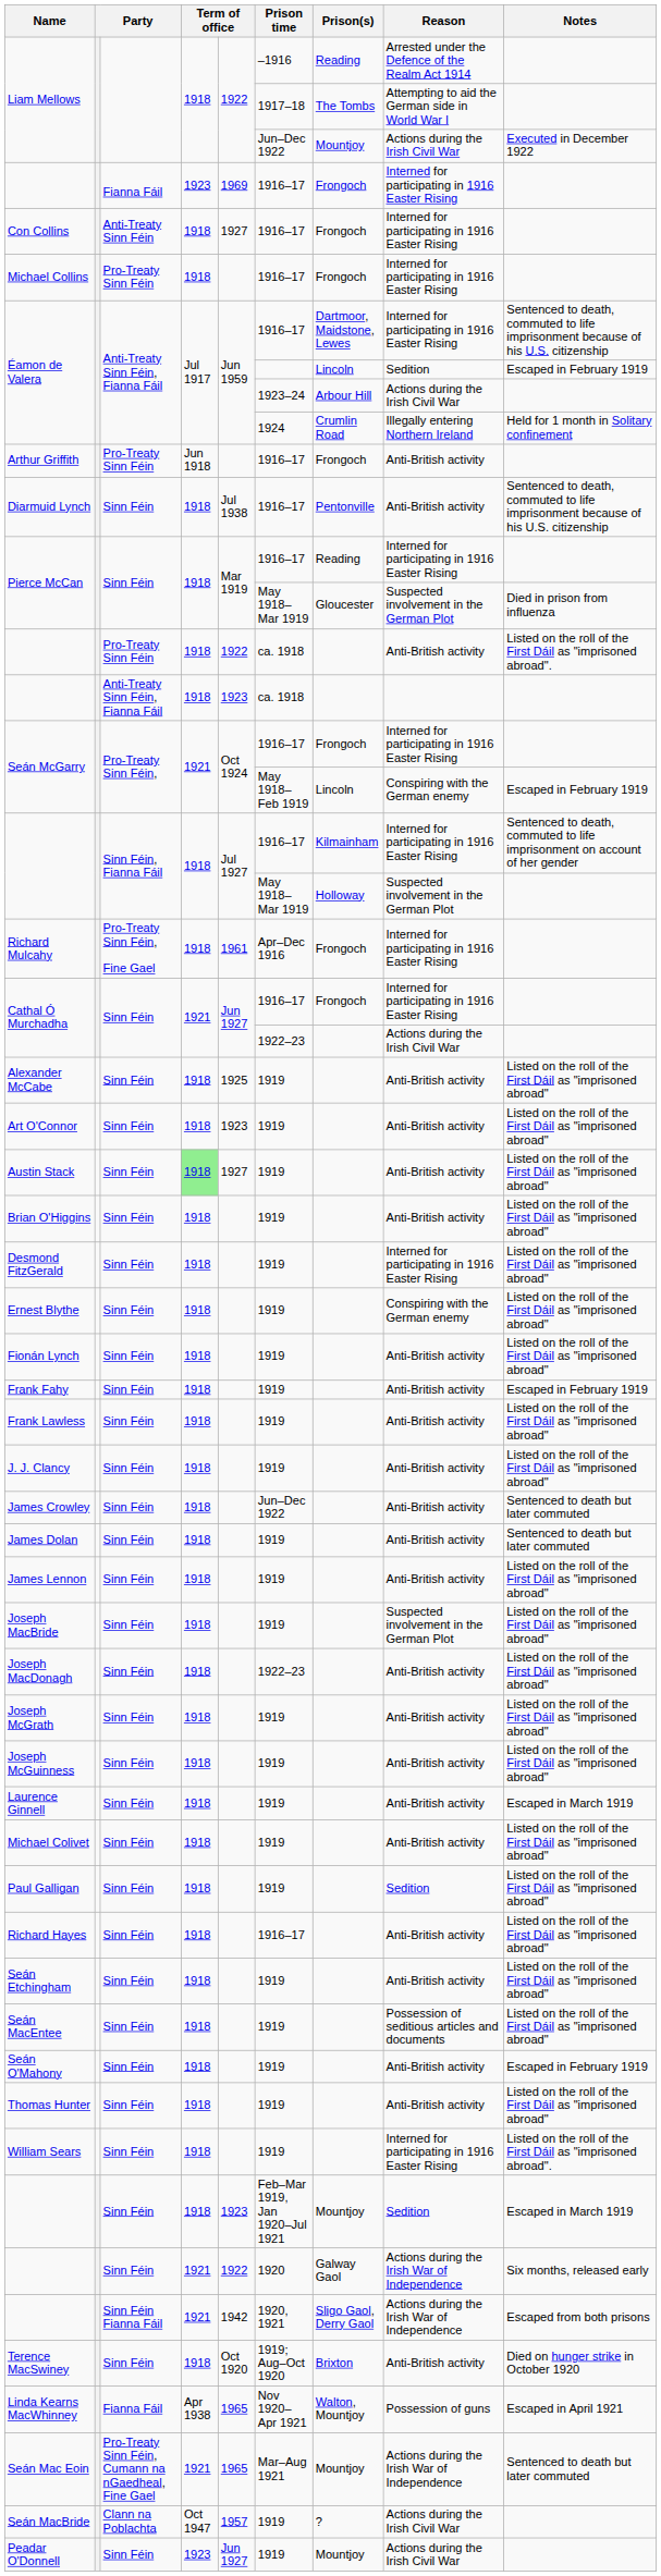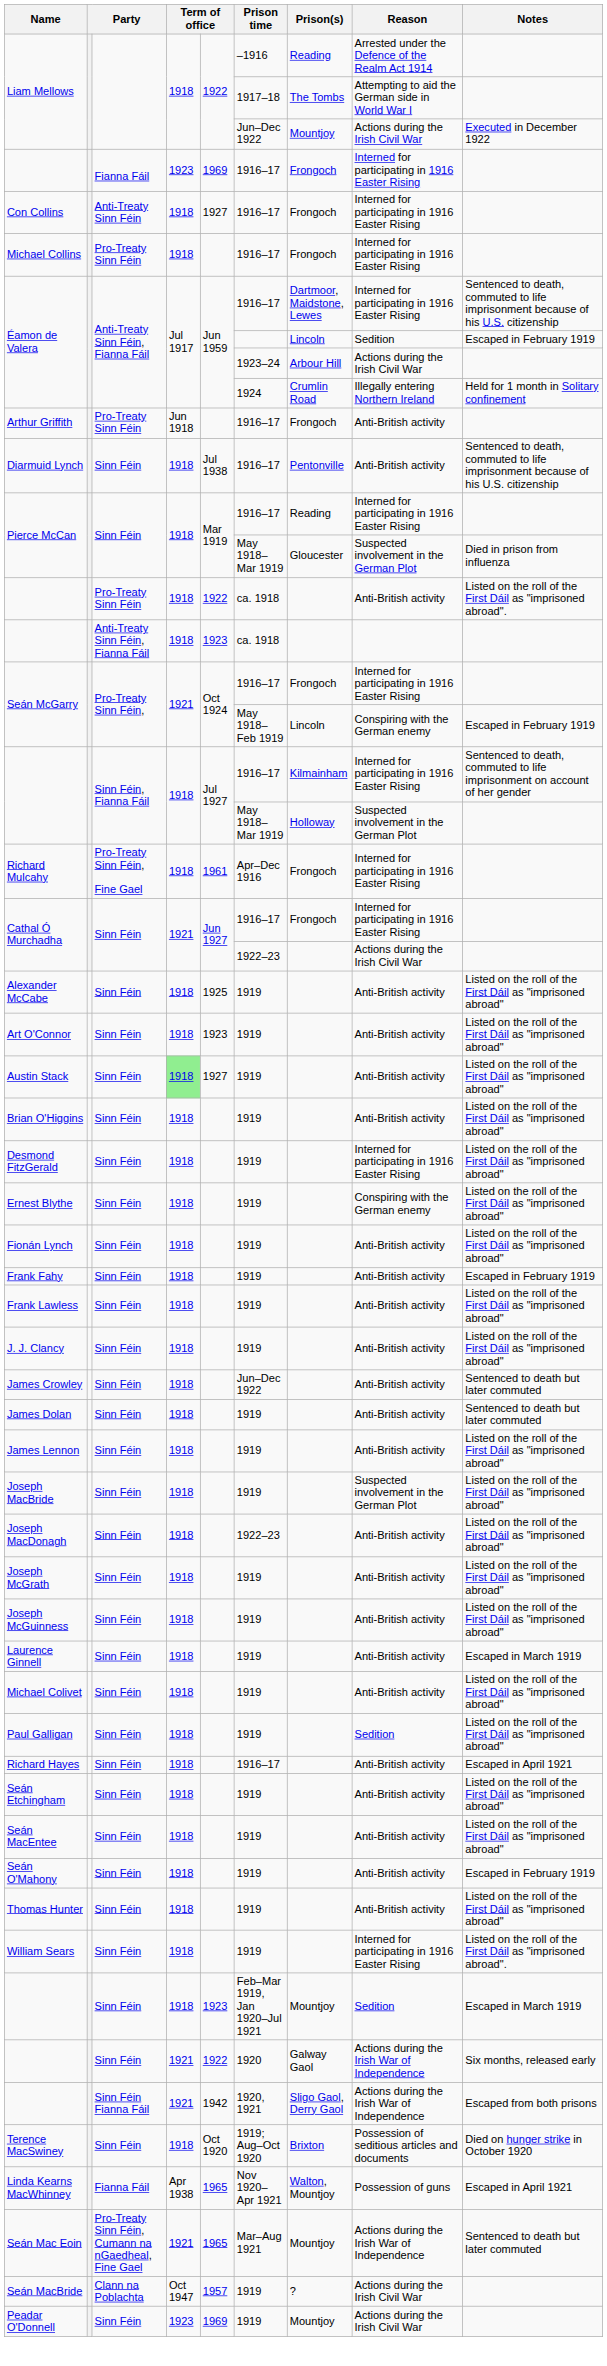 <table class="wikitable">
 <tr>
 <th>Name</th>
 <th colspan=2>Party</th>
 <th colspan=2>Term of office</th>
 <th>Prison time</th>
 <th>Prison(s)</th>
 <th>Reason</th>
 <th>Notes</th>
 </tr>
 <tr>
 <td rowspan=3><a href='#'>Liam Mellows</a></td>
 <th rowspan=3 style="background-color: "></th>
 <td rowspan=3></td>
 <td rowspan=3><a href='#'>1918</a></td>
 <td rowspan=3><a href='#'>1922</a></td>
 <td>–1916</td>
 <td><a href='#'>Reading</a></td>
 <td>Arrested under the <a href='#'>Defence of the Realm Act 1914</a></td>
 <td></td>
 </tr>
 <tr>
 <td>1917–18</td>
 <td><a href='#'>The Tombs</a></td>
 <td>Attempting to aid the German side in <a href='#'>World War I</a></td>
 <td></td>
 </tr>
 <tr>
 <td>Jun–Dec 1922</td>
 <td><a href='#'>Mountjoy</a></td>
 <td>Actions during the <a href='#'>Irish Civil War</a></td>
 <td><a href='#'>Executed</a> in December 1922</td>
 </tr>
 <tr>
 <td></td>
 <th style="background-color: "></th>
 <td><br><a href='#'>Fianna Fáil</a></td>
 <td><a href='#'>1923</a></td>
 <td><a href='#'>1969</a></td>
 <td>1916–17</td>
 <td><a href='#'>Frongoch</a></td>
 <td><a href='#'>Interned</a> for participating in <a href='#'>1916 Easter Rising</a></td>
 <td></td>
 </tr>
 <tr>
 <td><a href='#'>Con Collins</a></td>
 <th style="background-color: "></th>
 <td><a href='#'>Anti-Treaty Sinn Féin</a></td>
 <td><a href='#'>1918</a></td>
 <td>1927</td>
 <td>1916–17</td>
 <td>Frongoch</td>
 <td>Interned for participating in 1916 Easter Rising</td>
 <td></td>
 </tr>
 <tr>
 <td><a href='#'>Michael Collins</a></td>
 <th style="background-color: "></th>
 <td><a href='#'>Pro-Treaty Sinn Féin</a></td>
 <td><a href='#'>1918</a></td>
 <td></td>
 <td>1916–17</td>
 <td>Frongoch</td>
 <td>Interned for participating in 1916 Easter Rising</td>
 <td></td>
 </tr>
 <tr>
 <td rowspan=4><a href='#'>Éamon de Valera</a></td>
 <th rowspan=4 style="background-color: "></th>
 <td rowspan=4><a href='#'>Anti-Treaty Sinn Féin</a>,<br><a href='#'>Fianna Fáil</a></td>
 <td rowspan=4>Jul 1917</td>
 <td rowspan=4>Jun 1959</td>
 <td>1916–17</td>
 <td><a href='#'>Dartmoor</a>,<br><a href='#'>Maidstone</a>,<br><a href='#'>Lewes</a></td>
 <td>Interned for participating in 1916 Easter Rising</td>
 <td>Sentenced to death, commuted to life imprisonment because of his <a href='#'>U.S.</a> citizenship</td>
 </tr>
 <tr>
 <td></td>
 <td><a href='#'>Lincoln</a></td>
 <td>Sedition</td>
 <td>Escaped in February 1919</td>
 </tr>
 <tr>
 <td>1923–24</td>
 <td><a href='#'>Arbour Hill</a></td>
 <td>Actions during the Irish Civil War</td>
 <td></td>
 </tr>
 <tr>
 <td>1924</td>
 <td><a href='#'>Crumlin Road</a></td>
 <td>Illegally entering <a href='#'>Northern Ireland</a></td>
 <td>Held for 1 month in <a href='#'>Solitary confinement</a></td>
 </tr>
 <tr>
 <td><a href='#'>Arthur Griffith</a></td>
 <th style="background-color: "></th>
 <td><a href='#'>Pro-Treaty Sinn Féin</a></td>
 <td>Jun 1918</td>
 <td></td>
 <td>1916–17</td>
 <td>Frongoch</td>
 <td>Anti-British activity</td>
 <td></td>
 </tr>
 <tr>
 <td><a href='#'>Diarmuid Lynch</a></td>
 <th style="background-color: "></th>
 <td><a href='#'>Sinn Féin</a></td>
 <td><a href='#'>1918</a></td>
 <td>Jul 1938</td>
 <td>1916–17</td>
 <td><a href='#'>Pentonville</a></td>
 <td>Anti-British activity</td>
 <td>Sentenced to death, commuted to life imprisonment because of his U.S. citizenship</td>
 </tr>
 <tr>
 <td rowspan=2><a href='#'>Pierce McCan</a></td>
 <th rowspan=2 style="background-color: "></th>
 <td rowspan=2><a href='#'>Sinn Féin</a></td>
 <td rowspan=2><a href='#'>1918</a></td>
 <td rowspan=2>Mar 1919</td>
 <td>1916–17</td>
 <td>Reading</td>
 <td>Interned for participating in 1916 Easter Rising</td>
 <td></td>
 </tr>
 <tr>
 <td>May 1918–Mar 1919</td>
 <td>Gloucester</td>
 <td>Suspected involvement in the <a href='#'>German Plot</a></td>
 <td>Died in prison from influenza</td>
 </tr>
 <tr>
 <td></td>
 <th style="background-color: "></th>
 <td><a href='#'>Pro-Treaty Sinn Féin</a></td>
 <td><a href='#'>1918</a></td>
 <td><a href='#'>1922</a></td>
 <td>ca. 1918</td>
 <td></td>
 <td>Anti-British activity</td>
 <td>Listed on the roll of the <a href='#'>First Dáil</a> as "imprisoned abroad".</td>
 </tr>
 <tr>
 <td></td>
 <th style="background-color: "></th>
 <td><a href='#'>Anti-Treaty Sinn Féin</a>,<br><a href='#'>Fianna Fáil</a></td>
 <td><a href='#'>1918</a></td>
 <td><a href='#'>1923</a></td>
 <td>ca. 1918</td>
 <td></td>
 <td></td>
 <td></td>
 </tr>
 <tr>
 <td rowspan=2><a href='#'>Seán McGarry</a></td>
 <th rowspan=2 style="background-color: "></th>
 <td rowspan=2><a href='#'>Pro-Treaty Sinn Féin</a>,<br></td>
 <td rowspan=2><a href='#'>1921</a></td>
 <td rowspan=2>Oct 1924</td>
 <td>1916–17</td>
 <td>Frongoch</td>
 <td>Interned for participating in 1916 Easter Rising</td>
 <td></td>
 </tr>
 <tr>
 <td>May 1918–Feb 1919</td>
 <td>Lincoln</td>
 <td>Conspiring with the German enemy</td>
 <td>Escaped in February 1919</td>
 </tr>
 <tr>
 <td rowspan=2></td>
 <th rowspan=2 style="background-color: "></th>
 <td rowspan=2><a href='#'>Sinn Féin</a>,<br><a href='#'>Fianna Fáil</a></td>
 <td rowspan=2><a href='#'>1918</a></td>
 <td rowspan=2>Jul 1927</td>
 <td>1916–17</td>
 <td><a href='#'>Kilmainham</a></td>
 <td>Interned for participating in 1916 Easter Rising</td>
 <td>Sentenced to death, commuted to life imprisonment on account of her gender</td>
 </tr>
 <tr>
 <td>May 1918–Mar 1919</td>
 <td><a href='#'>Holloway</a></td>
 <td>Suspected involvement in the German Plot</td>
 <td></td>
 </tr>
 <tr>
 <td><a href='#'>Richard Mulcahy</a></td>
 <th style="background-color: "></th>
 <td><a href='#'>Pro-Treaty Sinn Féin</a>,<br><br><a href='#'>Fine Gael</a></td>
 <td><a href='#'>1918</a></td>
 <td><a href='#'>1961</a></td>
 <td>Apr–Dec 1916</td>
 <td>Frongoch</td>
 <td>Interned for participating in 1916 Easter Rising</td>
 <td></td>
 </tr>
 <tr>
 <td rowspan=2><a href='#'>Cathal Ó Murchadha</a></td>
 <th rowspan=2 style="background-color: "></th>
 <td rowspan=2><a href='#'>Sinn Féin</a></td>
 <td rowspan=2><a href='#'>1921</a></td>
 <td rowspan=2><a href='#'>Jun 1927</a></td>
 <td>1916–17</td>
 <td>Frongoch</td>
 <td>Interned for participating in 1916 Easter Rising</td>
 <td></td>
 </tr>
 <tr>
 <td>1922–23</td>
 <td></td>
 <td>Actions during the Irish Civil War</td>
 <td></td>
 </tr>
 <tr>
 <td><a href='#'>Alexander McCabe</a></td>
 <td style="background-color: "></td>
 <td><a href='#'>Sinn Féin</a></td>
 <td><a href='#'>1918</a></td>
 <td>1925</td>
 <td>1919</td>
 <td></td>
 <td>Anti-British activity</td>
 <td>Listed on the roll of the <a href='#'>First Dáil</a> as "imprisoned abroad"</td>
 </tr>
 <tr>
 <td><a href='#'>Art O'Connor</a></td>
 <td style="background-color: "></td>
 <td><a href='#'>Sinn Féin</a></td>
 <td><a href='#'>1918</a></td>
 <td>1923</td>
 <td>1919</td>
 <td></td>
 <td>Anti-British activity</td>
 <td>Listed on the roll of the <a href='#'>First Dáil</a> as "imprisoned abroad"</td>
 </tr>
 <tr>
 <td><a href='#'>Austin Stack</a></td>
 <td style="background-color: "></td>
 <td><a href='#'>Sinn Féin</a></td>
 <td style="background: lightgreen;"><a href='#'>1918</a></td>
 <td>1927</td>
 <td>1919</td>
 <td></td>
 <td>Anti-British activity</td>
 <td>Listed on the roll of the <a href='#'>First Dáil</a> as "imprisoned abroad"</td>
 </tr>
 <tr>
 <td><a href='#'>Brian O'Higgins</a></td>
 <td style="background-color: "></td>
 <td><a href='#'>Sinn Féin</a></td>
 <td><a href='#'>1918</a></td>
 <td></td>
 <td>1919</td>
 <td></td>
 <td>Anti-British activity</td>
 <td>Listed on the roll of the <a href='#'>First Dáil</a> as "imprisoned abroad"</td>
 </tr>
 <tr>
 <td><a href='#'>Desmond FitzGerald</a></td>
 <td style="background-color: "></td>
 <td><a href='#'>Sinn Féin</a></td>
 <td><a href='#'>1918</a></td>
 <td></td>
 <td>1919</td>
 <td></td>
 <td>Interned for participating in 1916 Easter Rising</td>
 <td>Listed on the roll of the <a href='#'>First Dáil</a> as "imprisoned abroad"</td>
 </tr>
 <tr>
 <td><a href='#'>Ernest Blythe</a></td>
 <td style="background-color: "></td>
 <td><a href='#'>Sinn Féin</a></td>
 <td><a href='#'>1918</a></td>
 <td></td>
 <td>1919</td>
 <td></td>
 <td>Conspiring with the German enemy</td>
 <td>Listed on the roll of the <a href='#'>First Dáil</a> as "imprisoned abroad"</td>
 </tr>
 <tr>
 <td><a href='#'>Fionán Lynch</a></td>
 <td style="background-color: "></td>
 <td><a href='#'>Sinn Féin</a></td>
 <td><a href='#'>1918</a></td>
 <td></td>
 <td>1919</td>
 <td></td>
 <td>Anti-British activity</td>
 <td>Listed on the roll of the <a href='#'>First Dáil</a> as "imprisoned abroad"</td>
 </tr>
 <tr>
 <td><a href='#'>Frank Fahy</a></td>
 <td style="background-color: "></td>
 <td><a href='#'>Sinn Féin</a></td>
 <td><a href='#'>1918</a></td>
 <td></td>
 <td>1919</td>
 <td></td>
 <td>Anti-British activity</td>
 <td>Escaped in February 1919</td>
 </tr>
 <tr>
 <td><a href='#'>Frank Lawless</a></td>
 <td style="background-color: "></td>
 <td><a href='#'>Sinn Féin</a></td>
 <td><a href='#'>1918</a></td>
 <td></td>
 <td>1919</td>
 <td></td>
 <td>Anti-British activity</td>
 <td>Listed on the roll of the <a href='#'>First Dáil</a> as "imprisoned abroad"</td>
 </tr>
 <tr>
 <td><a href='#'>J. J. Clancy</a></td>
 <td style="background-color: "></td>
 <td><a href='#'>Sinn Féin</a></td>
 <td><a href='#'>1918</a></td>
 <td></td>
 <td>1919</td>
 <td></td>
 <td>Anti-British activity</td>
 <td>Listed on the roll of the <a href='#'>First Dáil</a> as "imprisoned abroad"</td>
 </tr>
 <tr>
 <td><a href='#'>James Crowley</a></td>
 <td style="background-color: "></td>
 <td><a href='#'>Sinn Féin</a></td>
 <td><a href='#'>1918</a></td>
 <td></td>
 <td>Jun–Dec 1922</td>
 <td></td>
 <td>Anti-British activity</td>
 <td>Sentenced to death but later commuted</td>
 </tr>
 <tr>
 <td><a href='#'>James Dolan</a></td>
 <td style="background-color: "></td>
 <td><a href='#'>Sinn Féin</a></td>
 <td><a href='#'>1918</a></td>
 <td></td>
 <td>1919</td>
 <td></td>
 <td>Anti-British activity</td>
 <td>Sentenced to death but later commuted</td>
 </tr>
 <tr>
 <td><a href='#'>James Lennon</a></td>
 <td style="background-color: "></td>
 <td><a href='#'>Sinn Féin</a></td>
 <td><a href='#'>1918</a></td>
 <td></td>
 <td>1919</td>
 <td></td>
 <td>Anti-British activity</td>
 <td>Listed on the roll of the <a href='#'>First Dáil</a> as "imprisoned abroad"</td>
 </tr>
 <tr>
 <td><a href='#'>Joseph MacBride</a></td>
 <td style="background-color: "></td>
 <td><a href='#'>Sinn Féin</a></td>
 <td><a href='#'>1918</a></td>
 <td></td>
 <td>1919</td>
 <td></td>
 <td>Suspected involvement in the German Plot</td>
 <td>Listed on the roll of the <a href='#'>First Dáil</a> as "imprisoned abroad"</td>
 </tr>
 <tr>
 <td><a href='#'>Joseph MacDonagh</a></td>
 <td style="background-color: "></td>
 <td><a href='#'>Sinn Féin</a></td>
 <td><a href='#'>1918</a></td>
 <td></td>
 <td>1922–23</td>
 <td></td>
 <td>Anti-British activity</td>
 <td>Listed on the roll of the <a href='#'>First Dáil</a> as "imprisoned abroad"</td>
 </tr>
 <tr>
 <td><a href='#'>Joseph McGrath</a></td>
 <td style="background-color: "></td>
 <td><a href='#'>Sinn Féin</a></td>
 <td><a href='#'>1918</a></td>
 <td></td>
 <td>1919</td>
 <td></td>
 <td>Anti-British activity</td>
 <td>Listed on the roll of the <a href='#'>First Dáil</a> as "imprisoned abroad"</td>
 </tr>
 <tr>
 <td><a href='#'>Joseph McGuinness</a></td>
 <td style="background-color: "></td>
 <td><a href='#'>Sinn Féin</a></td>
 <td><a href='#'>1918</a></td>
 <td></td>
 <td>1919</td>
 <td></td>
 <td>Anti-British activity</td>
 <td>Listed on the roll of the <a href='#'>First Dáil</a> as "imprisoned abroad"</td>
 </tr>
 <tr>
 <td><a href='#'>Laurence Ginnell</a></td>
 <td style="background-color: "></td>
 <td><a href='#'>Sinn Féin</a></td>
 <td><a href='#'>1918</a></td>
 <td></td>
 <td>1919</td>
 <td></td>
 <td>Anti-British activity</td>
 <td>Escaped in March 1919</td>
 </tr>
 <tr>
 <td><a href='#'>Michael Colivet</a></td>
 <td style="background-color: "></td>
 <td><a href='#'>Sinn Féin</a></td>
 <td><a href='#'>1918</a></td>
 <td></td>
 <td>1919</td>
 <td></td>
 <td>Anti-British activity</td>
 <td>Listed on the roll of the <a href='#'>First Dáil</a> as "imprisoned abroad"</td>
 </tr>
 <tr>
 <td><a href='#'>Paul Galligan</a></td>
 <td style="background-color: "></td>
 <td><a href='#'>Sinn Féin</a></td>
 <td><a href='#'>1918</a></td>
 <td></td>
 <td>1919</td>
 <td></td>
 <td><a href='#'>Sedition</a></td>
 <td>Listed on the roll of the <a href='#'>First Dáil</a> as "imprisoned abroad"</td>
 </tr>
 <tr>
 <td><a href='#'>Richard Hayes</a></td>
 <td style="background-color: "></td>
 <td><a href='#'>Sinn Féin</a></td>
 <td><a href='#'>1918</a></td>
 <td></td>
 <td>1916–17</td>
 <td></td>
 <td>Anti-British activity</td>
-<td>Listed on the roll of the <a href='#'>First Dáil</a> as "imprisoned abroad"</td>
+<td>Escaped in April 1921</td>
 </tr>
 <tr>
 <td><a href='#'>Seán Etchingham</a></td>
 <td style="background-color: "></td>
 <td><a href='#'>Sinn Féin</a></td>
 <td><a href='#'>1918</a></td>
 <td></td>
 <td>1919</td>
 <td></td>
 <td>Anti-British activity</td>
 <td>Listed on the roll of the <a href='#'>First Dáil</a> as "imprisoned abroad"</td>
 </tr>
 <tr>
 <td><a href='#'>Seán MacEntee</a></td>
 <td style="background-color: "></td>
 <td><a href='#'>Sinn Féin</a></td>
 <td><a href='#'>1918</a></td>
 <td></td>
 <td>1919</td>
 <td></td>
-<td>Possession of seditious articles and documents</td>
+<td>Anti-British activity</td>
 <td>Listed on the roll of the <a href='#'>First Dáil</a> as "imprisoned abroad"</td>
 </tr>
 <tr>
 <td><a href='#'>Seán O'Mahony</a></td>
 <td style="background-color: "></td>
 <td><a href='#'>Sinn Féin</a></td>
 <td><a href='#'>1918</a></td>
 <td></td>
 <td>1919</td>
 <td></td>
 <td>Anti-British activity</td>
 <td>Escaped in February 1919</td>
 </tr>
 <tr>
 <td><a href='#'>Thomas Hunter</a></td>
 <td style="background-color: "></td>
 <td><a href='#'>Sinn Féin</a></td>
 <td><a href='#'>1918</a></td>
 <td></td>
 <td>1919</td>
 <td></td>
 <td>Anti-British activity</td>
 <td>Listed on the roll of the <a href='#'>First Dáil</a> as "imprisoned abroad"</td>
 </tr>
 <tr>
 <td><a href='#'>William Sears</a></td>
 <td style="background-color: "></td>
 <td><a href='#'>Sinn Féin</a></td>
 <td><a href='#'>1918</a></td>
 <td></td>
 <td>1919</td>
 <td></td>
 <td>Interned for participating in 1916 Easter Rising</td>
 <td>Listed on the roll of the <a href='#'>First Dáil</a> as "imprisoned abroad".</td>
 </tr>
 <tr>
 <td></td>
 <th style="background-color: "></th>
 <td><a href='#'>Sinn Féin</a></td>
 <td><a href='#'>1918</a></td>
 <td><a href='#'>1923</a></td>
 <td>Feb–Mar 1919,<br>Jan 1920–Jul 1921</td>
 <td>Mountjoy</td>
 <td><a href='#'>Sedition</a></td>
 <td>Escaped in March 1919</td>
 </tr>
 <tr>
 <td></td>
 <th style="background-color: "></th>
 <td><a href='#'>Sinn Féin</a></td>
 <td><a href='#'>1921</a></td>
 <td><a href='#'>1922</a></td>
 <td>1920</td>
 <td>Galway Gaol</td>
 <td>Actions during the <a href='#'>Irish War of Independence</a></td>
 <td>Six months, released early</td>
 </tr>
 <tr>
 <td></td>
 <th style="background-color: "></th>
 <td><a href='#'>Sinn Féin</a><br><a href='#'>Fianna Fáil</a></td>
 <td><a href='#'>1921</a></td>
 <td>1942</td>
 <td>1920,<br>1921</td>
 <td><a href='#'>Sligo Gaol</a>,<br><a href='#'>Derry Gaol</a></td>
 <td>Actions during the Irish War of Independence</td>
 <td>Escaped from both prisons</td>
 </tr>
 <tr>
 <td><a href='#'>Terence MacSwiney</a></td>
 <th style="background-color: "></th>
 <td><a href='#'>Sinn Féin</a></td>
 <td><a href='#'>1918</a></td>
 <td>Oct 1920</td>
 <td>1919;<br>Aug–Oct 1920</td>
 <td><a href='#'>Brixton</a></td>
-<td>Anti-British activity</td>
+<td>Possession of seditious articles and documents</td>
 <td>Died on <a href='#'>hunger strike</a> in October 1920</td>
 </tr>
 <tr>
 <td><a href='#'>Linda Kearns MacWhinney</a></td>
 <th style="background-color: "></th>
 <td><a href='#'>Fianna Fáil</a></td>
 <td>Apr 1938</td>
 <td><a href='#'>1965</a></td>
 <td>Nov 1920–Apr 1921</td>
 <td><a href='#'>Walton</a>,<br>Mountjoy</td>
 <td>Possession of guns</td>
 <td>Escaped in April 1921</td>
 </tr>
 <tr>
 <td><a href='#'>Seán Mac Eoin</a></td>
 <th style="background-color: "></th>
 <td><a href='#'>Pro-Treaty Sinn Féin</a>,<br><a href='#'>Cumann na nGaedheal</a>,<br><a href='#'>Fine Gael</a></td>
 <td><a href='#'>1921</a></td>
 <td><a href='#'>1965</a></td>
 <td>Mar–Aug 1921</td>
 <td>Mountjoy</td>
 <td>Actions during the Irish War of Independence</td>
 <td>Sentenced to death but later commuted</td>
 </tr>
 <tr>
 <td><a href='#'>Seán MacBride</a></td>
 <th style="background-color: "></th>
 <td><a href='#'>Clann na Poblachta</a></td>
 <td>Oct 1947</td>
 <td><a href='#'>1957</a></td>
 <td>1919</td>
 <td>?</td>
 <td>Actions during the Irish Civil War</td>
 <td></td>
 </tr>
 <tr>
 <td><a href='#'>Peadar O'Donnell</a></td>
 <th style="background-color: "></th>
 <td><a href='#'>Sinn Féin</a></td>
 <td><a href='#'>1923</a></td>
-<td><a href='#'>Jun 1927</a></td>
+<td><a href='#'>1969</a></td>
 <td>1919</td>
 <td>Mountjoy</td>
 <td>Actions during the Irish Civil War</td>
 <td></td>
 </tr>
 </table>
